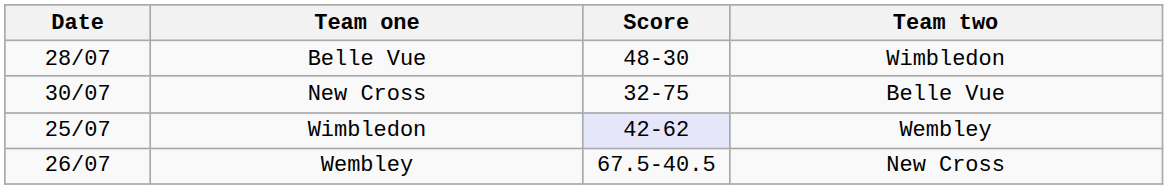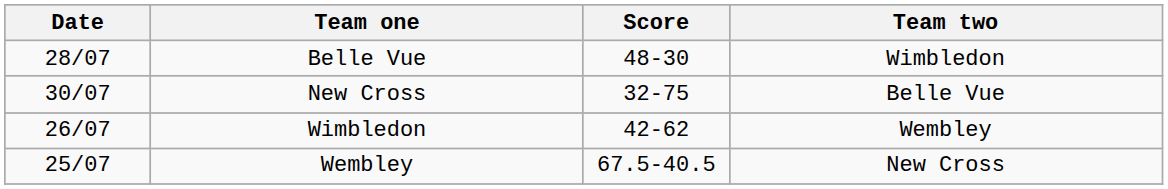 <table class="wikitable" style="text-align: center">
 <tr>
 <th width=80>Date</th>
 <th width=250>Team one</th>
 <th width=80>Score</th>
 <th width=250>Team two</th>
 </tr>
 <tr>
 <td>28/07</td>
 <td>Belle Vue</td>
 <td>48-30</td>
 <td>Wimbledon</td>
 </tr>
 <tr>
 <td>30/07</td>
 <td>New Cross</td>
 <td>32-75</td>
 <td>Belle Vue</td>
 </tr>
 <tr>
-<td>25/07</td>
+<td>26/07</td>
 <td>Wimbledon</td>
-<td style="background: lavender;">42-62</td>
+<td>42-62</td>
 <td>Wembley</td>
 </tr>
 <tr>
-<td>26/07</td>
+<td>25/07</td>
 <td>Wembley</td>
 <td>67.5-40.5</td>
 <td>New Cross</td>
 </tr>
 </table>
